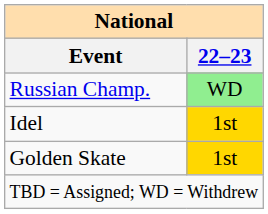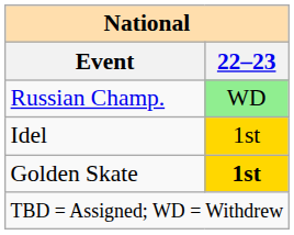 <table class="wikitable" style="text-align:center">
 <tr>
 <th colspan="6" style="background-color: #ffdead; " align="center">National</th>
 </tr>
 <tr>
 <th>Event</th>
 <th><a href='#'>22–23</a></th>
 </tr>
 <tr>
 <td align="left"><a href='#'>Russian Champ.</a></td>
 <td style="background: lightgreen;">WD</td>
 </tr>
 <tr>
 <td align="left"> Idel</td>
 <td bgcolor=gold>1st</td>
 </tr>
 <tr>
 <td align="left"> Golden Skate</td>
-<td bgcolor=gold>1st</td>
+<td bgcolor=gold><strong>1st</strong></td>
 </tr>
 <tr>
 <td colspan="6" align="center"><small> TBD = Assigned; WD = Withdrew </small></td>
 </tr>
 </table>
